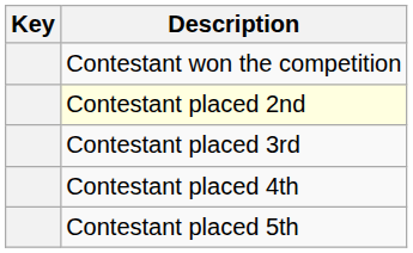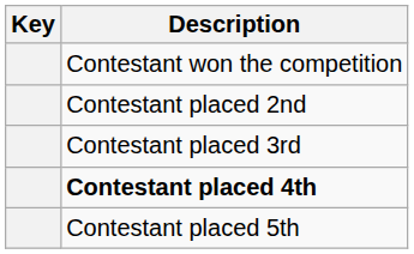 <table class="wikitable">
 <tr>
 <th scope="col">Key</th>
 <th scope="col">Description</th>
 </tr>
 <tr>
 <th scope="row" style="text-align:center; height:20px; width:20px"></th>
 <td>Contestant won the competition</td>
 </tr>
 <tr>
 <th scope="row" style="text-align:center; height:20px; width:20px"></th>
-<td style="background: lightyellow;">Contestant placed 2nd</td>
+<td>Contestant placed 2nd</td>
 </tr>
 <tr>
 <th scope="row" style="text-align:center; height:20px; width:20px"></th>
 <td>Contestant placed 3rd</td>
 </tr>
 <tr>
 <th scope="row" style="text-align:center; height:20px; width:20px"></th>
-<td>Contestant placed 4th</td>
+<td><strong>Contestant placed 4th</strong></td>
 </tr>
 <tr>
 <th scope="row" style="text-align:center; height:20px; width:20px"></th>
 <td>Contestant placed 5th</td>
 </tr>
 </table>
